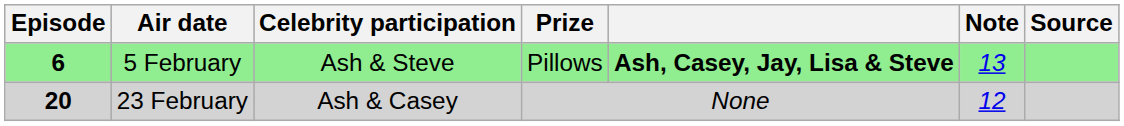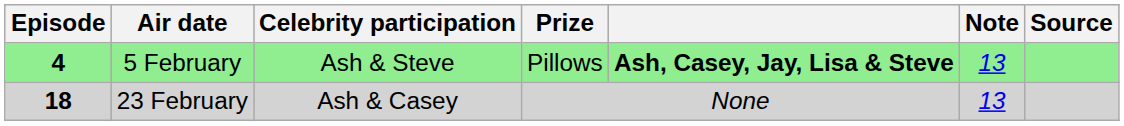 <table class="wikitable" style="margin:auto; text-align:center;">
 <tr>
 <th>Episode</th>
 <th>Air date</th>
 <th>Celebrity participation</th>
 <th>Prize</th>
 <th></th>
 <th>Note</th>
 <th>Source</th>
 </tr>
 <tr style="background:lightgreen">
-<td><strong>6</strong></td>
+<td><strong>4</strong></td>
 <td>5 February</td>
 <td>Ash & Steve</td>
 <td>Pillows</td>
 <td><strong>Ash, Casey, Jay, Lisa & Steve</strong></td>
 <td><em><a href='#'>13</a></em></td>
 <td></td>
 </tr>
 <tr style="background:lightgrey">
-<td><strong>20</strong></td>
+<td><strong>18</strong></td>
 <td>23 February</td>
 <td>Ash & Casey</td>
 <td colspan="2"><em>None</em></td>
-<td><em><a href='#'>12</a></em></td>
+<td><em><a href='#'>13</a></em></td>
 <td></td>
 </tr>
 </table>
